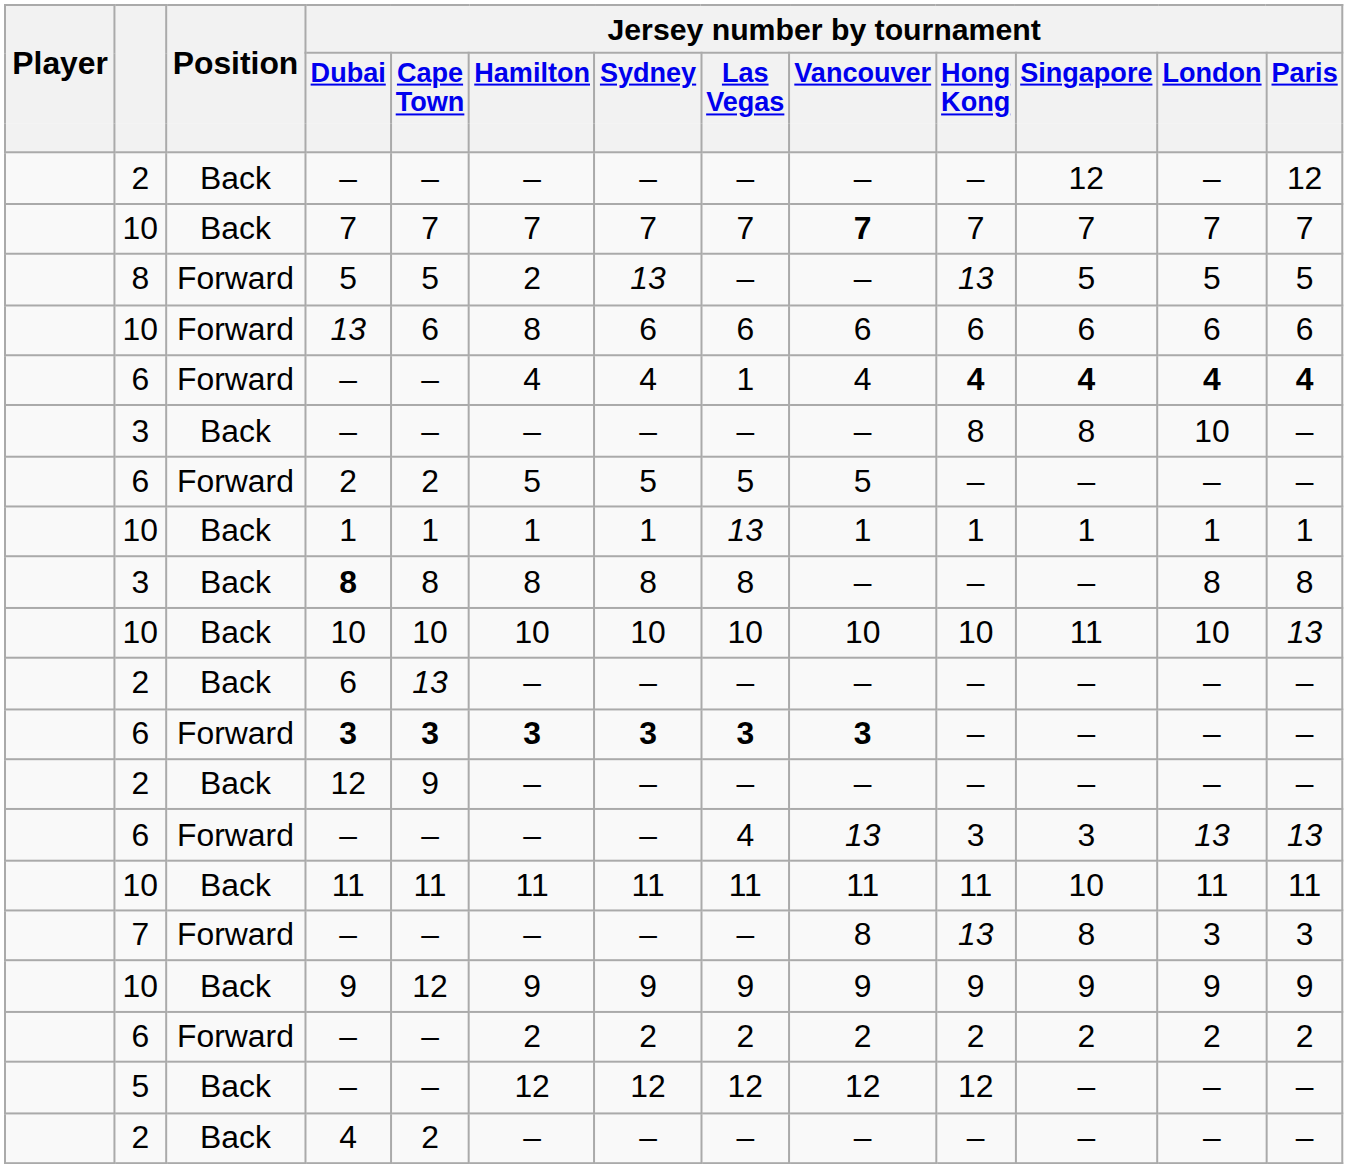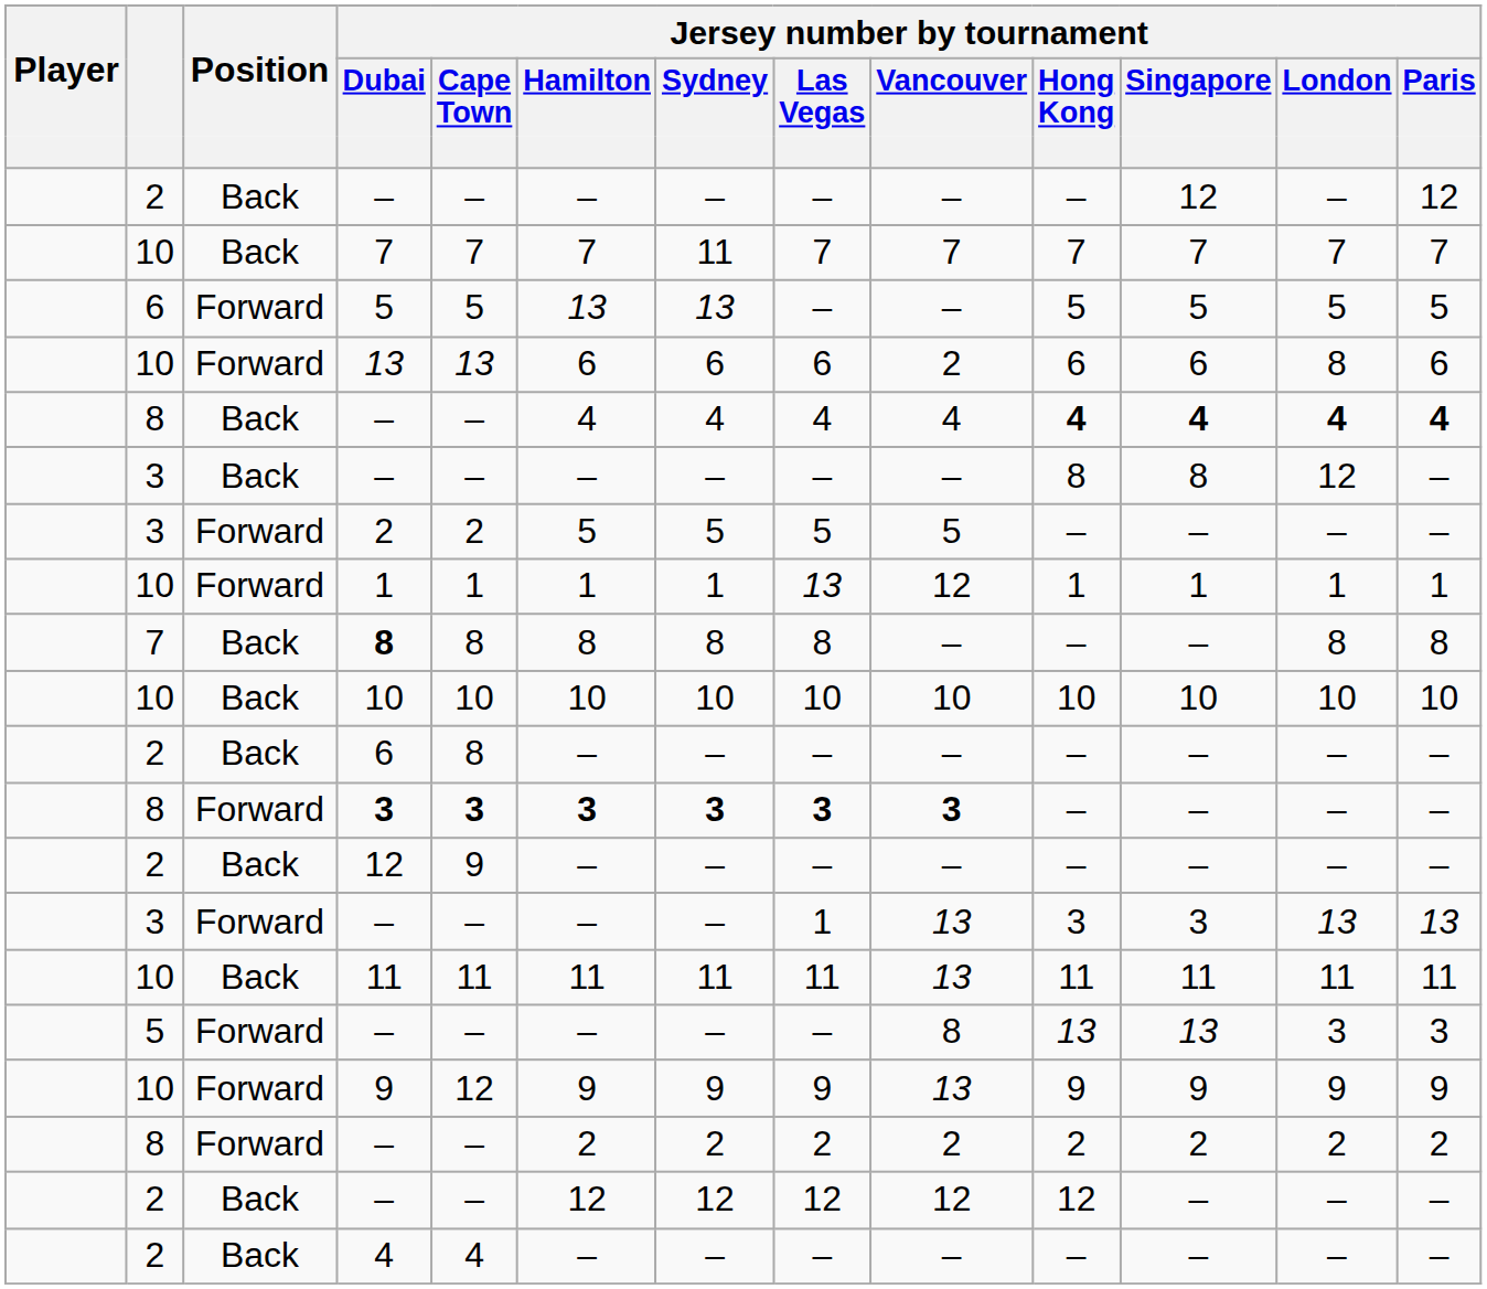 <table class="wikitable sortable" style="text-align:center;">
 <tr>
 <th rowspan=2 style="border-bottom:0px; width:12em;">Player</th>
 <th rowspan=2 style="border-bottom:0px;"></th>
 <th rowspan=2 style="border-bottom:0px;">Position</th>
 <th colspan=10 style="font-size:95%;">Jersey number by tournament</th>
 </tr>
 <tr>
 <th style="vertical-align:top;width:5.5em;border-bottom:1px solid transparent;padding:2px;font-size:85%;"><a href='#'>Dubai</a></th>
 <th style="vertical-align:top;width:5.5em;border-bottom:1px solid transparent;padding:2px;font-size:85%;"><a href='#'>Cape Town</a></th>
 <th style="vertical-align:top;width:5.5em;border-bottom:1px solid transparent;padding:2px;font-size:85%;"><a href='#'>Hamilton</a></th>
 <th style="vertical-align:top;width:5.5em;border-bottom:1px solid transparent;padding:2px;font-size:85%;"><a href='#'>Sydney</a></th>
 <th style="vertical-align:top;width:5.5em;border-bottom:1px solid transparent;padding:2px;font-size:85%;"><a href='#'>Las Vegas</a></th>
 <th style="vertical-align:top;width:5.5em;border-bottom:1px solid transparent;padding:2px;font-size:85%;"><a href='#'>Vancouver</a></th>
 <th style="vertical-align:top;width:5.5em;border-bottom:1px solid transparent;padding:2px;font-size:85%;"><a href='#'>Hong Kong</a></th>
 <th style="vertical-align:top;width:5.5em;border-bottom:1px solid transparent;padding:2px;font-size:85%;"><a href='#'>Singapore</a></th>
 <th style="vertical-align:top;width:5.5em;border-bottom:1px solid transparent;padding:2px;font-size:85%;"><a href='#'>London</a></th>
 <th style="vertical-align:top;width:5.5em;border-bottom:1px solid transparent;padding:2px;font-size:85%;"><a href='#'>Paris</a></th>
 </tr>
 <tr style="line-height:8px;">
 <th style="border-top:1px solid transparent;"></th>
 <th style="border-top:1px solid transparent;"> </th>
 <th style="border-top:1px solid transparent;"> </th>
 <th data-sort-type="number" style="border-top:1px solid transparent;"></th>
 <th data-sort-type="number" style="border-top:1px solid transparent;"></th>
 <th data-sort-type="number" style="border-top:1px solid transparent;"></th>
 <th data-sort-type="number" style="border-top:1px solid transparent;"></th>
 <th data-sort-type="number" style="border-top:1px solid transparent;"></th>
 <th data-sort-type="number" style="border-top:1px solid transparent;"></th>
 <th data-sort-type="number" style="border-top:1px solid transparent;"></th>
 <th data-sort-type="number" style="border-top:1px solid transparent;"></th>
 <th data-sort-type="number" style="border-top:1px solid transparent;"></th>
 <th data-sort-type="number" style="border-top:1px solid transparent;"></th>
 </tr>
 <tr>
 <td align=left></td>
 <td>2</td>
 <td>Back</td>
 <td>–</td>
 <td>–</td>
 <td>–</td>
 <td>–</td>
 <td>–</td>
 <td>–</td>
 <td>–</td>
 <td>12</td>
 <td>–</td>
 <td>12</td>
 </tr>
 <tr>
 <td align=left></td>
 <td>10</td>
 <td>Back</td>
 <td>7</td>
 <td>7</td>
 <td>7</td>
+<td>11</td>
 <td>7</td>
 <td>7</td>
-<td><strong>7</strong></td>
 <td>7</td>
 <td>7</td>
 <td>7</td>
 <td>7</td>
 </tr>
 <tr>
 <td align=left></td>
-<td>8</td>
+<td>6</td>
 <td>Forward</td>
 <td>5</td>
 <td>5</td>
-<td>2</td>
+<td><em>13</em></td>
 <td><em>13</em></td>
 <td>–</td>
 <td>–</td>
-<td><em>13</em></td>
+<td>5</td>
 <td>5</td>
 <td>5</td>
 <td>5</td>
 </tr>
 <tr>
 <td align=left></td>
 <td>10</td>
 <td>Forward</td>
 <td><em>13</em></td>
-<td>6</td>
-<td>8</td>
+<td><em>13</em></td>
 <td>6</td>
 <td>6</td>
 <td>6</td>
+<td>2</td>
 <td>6</td>
 <td>6</td>
-<td>6</td>
+<td>8</td>
 <td>6</td>
 </tr>
 <tr>
 <td align=left></td>
-<td>6</td>
-<td>Forward</td>
+<td>8</td>
+<td>Back</td>
 <td>–</td>
 <td>–</td>
 <td>4</td>
 <td>4</td>
-<td>1</td>
+<td>4</td>
 <td>4</td>
 <td><strong>4</strong></td>
 <td><strong>4</strong></td>
 <td><strong>4</strong></td>
 <td><strong>4</strong></td>
 </tr>
 <tr>
 <td align=left></td>
 <td>3</td>
 <td>Back</td>
 <td>–</td>
 <td>–</td>
 <td>–</td>
 <td>–</td>
 <td>–</td>
 <td>–</td>
 <td>8</td>
 <td>8</td>
-<td>10</td>
+<td>12</td>
 <td>–</td>
 </tr>
 <tr>
 <td align=left></td>
-<td>6</td>
+<td>3</td>
 <td>Forward</td>
 <td>2</td>
 <td>2</td>
 <td>5</td>
 <td>5</td>
 <td>5</td>
 <td>5</td>
 <td>–</td>
 <td>–</td>
 <td>–</td>
 <td>–</td>
 </tr>
 <tr>
 <td align=left></td>
 <td>10</td>
-<td>Back</td>
+<td>Forward</td>
 <td>1</td>
 <td>1</td>
 <td>1</td>
 <td>1</td>
 <td><em>13</em></td>
-<td>1</td>
+<td>12</td>
 <td>1</td>
 <td>1</td>
 <td>1</td>
 <td>1</td>
 </tr>
 <tr>
 <td align=left></td>
-<td>3</td>
+<td>7</td>
 <td>Back</td>
 <td><strong>8</strong></td>
 <td>8</td>
 <td>8</td>
 <td>8</td>
 <td>8</td>
 <td>–</td>
 <td>–</td>
 <td>–</td>
 <td>8</td>
 <td>8</td>
 </tr>
 <tr>
 <td align=left></td>
 <td>10</td>
 <td>Back</td>
 <td>10</td>
 <td>10</td>
 <td>10</td>
 <td>10</td>
 <td>10</td>
 <td>10</td>
 <td>10</td>
-<td>11</td>
 <td>10</td>
-<td><em>13</em></td>
+<td>10</td>
+<td>10</td>
 </tr>
 <tr>
 <td align=left></td>
 <td>2</td>
 <td>Back</td>
 <td>6</td>
-<td><em>13</em></td>
+<td>8</td>
 <td>–</td>
 <td>–</td>
 <td>–</td>
 <td>–</td>
 <td>–</td>
 <td>–</td>
 <td>–</td>
 <td>–</td>
 </tr>
 <tr>
 <td align=left></td>
-<td>6</td>
+<td>8</td>
 <td>Forward</td>
 <td><strong>3</strong></td>
 <td><strong>3</strong></td>
 <td><strong>3</strong></td>
 <td><strong>3</strong></td>
 <td><strong>3</strong></td>
 <td><strong>3</strong></td>
 <td>–</td>
 <td>–</td>
 <td>–</td>
 <td>–</td>
 </tr>
 <tr>
 <td align=left></td>
 <td>2</td>
 <td>Back</td>
 <td>12</td>
 <td>9</td>
 <td>–</td>
 <td>–</td>
 <td>–</td>
 <td>–</td>
 <td>–</td>
 <td>–</td>
 <td>–</td>
 <td>–</td>
 </tr>
 <tr>
 <td align=left></td>
-<td>6</td>
+<td>3</td>
 <td>Forward</td>
 <td>–</td>
 <td>–</td>
 <td>–</td>
 <td>–</td>
-<td>4</td>
+<td>1</td>
 <td><em>13</em></td>
 <td>3</td>
 <td>3</td>
 <td><em>13</em></td>
 <td><em>13</em></td>
 </tr>
 <tr>
 <td align=left></td>
 <td>10</td>
 <td>Back</td>
 <td>11</td>
 <td>11</td>
 <td>11</td>
 <td>11</td>
 <td>11</td>
+<td><em>13</em></td>
 <td>11</td>
 <td>11</td>
-<td>10</td>
 <td>11</td>
 <td>11</td>
 </tr>
 <tr>
 <td align=left></td>
-<td>7</td>
+<td>5</td>
 <td>Forward</td>
 <td>–</td>
 <td>–</td>
 <td>–</td>
 <td>–</td>
 <td>–</td>
 <td>8</td>
 <td><em>13</em></td>
-<td>8</td>
+<td><em>13</em></td>
 <td>3</td>
 <td>3</td>
 </tr>
 <tr>
 <td align=left></td>
 <td>10</td>
-<td>Back</td>
+<td>Forward</td>
 <td>9</td>
 <td>12</td>
 <td>9</td>
 <td>9</td>
 <td>9</td>
-<td>9</td>
+<td><em>13</em></td>
 <td>9</td>
 <td>9</td>
 <td>9</td>
 <td>9</td>
 </tr>
 <tr>
 <td align=left></td>
-<td>6</td>
+<td>8</td>
 <td>Forward</td>
 <td>–</td>
 <td>–</td>
 <td>2</td>
 <td>2</td>
 <td>2</td>
 <td>2</td>
 <td>2</td>
 <td>2</td>
 <td>2</td>
 <td>2</td>
 </tr>
 <tr>
 <td align=left></td>
-<td>5</td>
+<td>2</td>
 <td>Back</td>
 <td>–</td>
 <td>–</td>
 <td>12</td>
 <td>12</td>
 <td>12</td>
 <td>12</td>
 <td>12</td>
 <td>–</td>
 <td>–</td>
 <td>–</td>
 </tr>
 <tr>
 <td align=left></td>
 <td>2</td>
 <td>Back</td>
 <td>4</td>
-<td>2</td>
+<td>4</td>
 <td>–</td>
 <td>–</td>
 <td>–</td>
 <td>–</td>
 <td>–</td>
 <td>–</td>
 <td>–</td>
 <td>–</td>
 </tr>
 </table>
